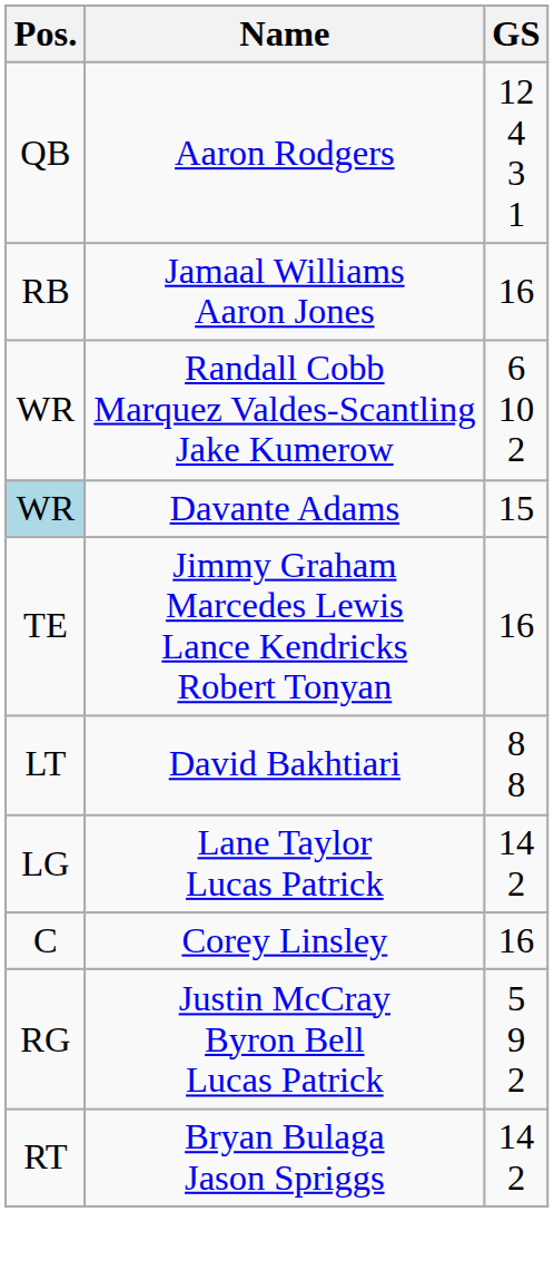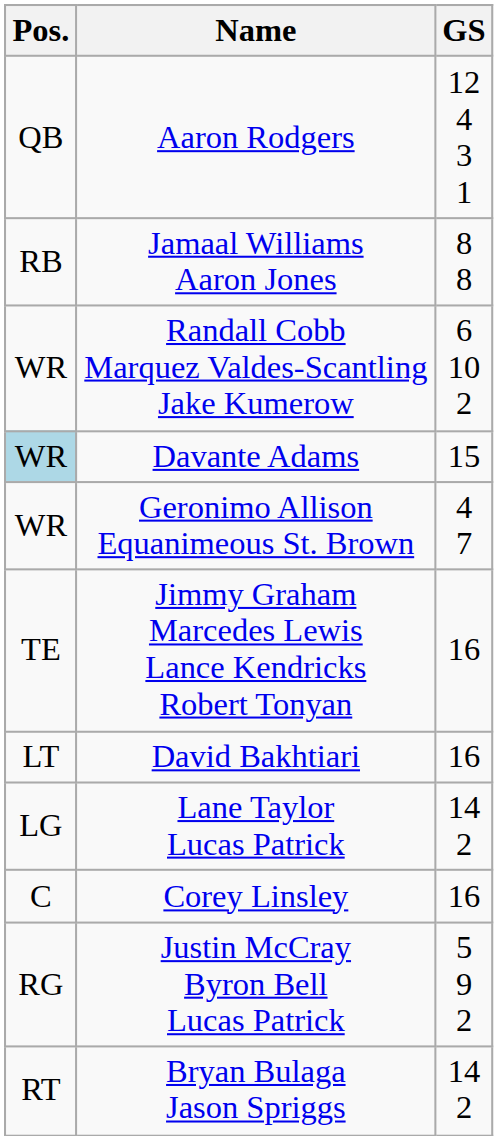 <table class="wikitable" style="text-align:center">
 <tr>
 <th>Pos.</th>
 <th>Name</th>
 <th>GS</th>
 </tr>
 <tr>
 <td>QB</td>
 <td><a href='#'>Aaron Rodgers</a></td>
 <td>12<br>4<br>3<br>1</td>
 </tr>
 <tr>
 <td>RB</td>
 <td><a href='#'>Jamaal Williams</a><br><a href='#'>Aaron Jones</a></td>
-<td>16</td>
+<td>8<br>8</td>
 </tr>
 <tr>
 <td>WR</td>
 <td><a href='#'>Randall Cobb</a><br><a href='#'>Marquez Valdes-Scantling</a><br><a href='#'>Jake Kumerow</a></td>
 <td>6<br>10<br>2</td>
 </tr>
 <tr>
 <td style="background: lightblue;">WR</td>
 <td><a href='#'>Davante Adams</a></td>
 <td>15</td>
 </tr>
 <tr>
+<td>WR</td>
+<td><a href='#'>Geronimo Allison</a><br><a href='#'>Equanimeous St. Brown</a></td>
+<td>4<br>7</td>
+</tr>
+<tr>
 <td>TE</td>
 <td><a href='#'>Jimmy Graham</a><br><a href='#'>Marcedes Lewis</a><br><a href='#'>Lance Kendricks</a><br><a href='#'>Robert Tonyan</a></td>
 <td>16</td>
 </tr>
 <tr>
 <td>LT</td>
 <td><a href='#'>David Bakhtiari</a></td>
-<td>8<br>8</td>
+<td>16</td>
 </tr>
 <tr>
 <td>LG</td>
 <td><a href='#'>Lane Taylor</a><br><a href='#'>Lucas Patrick</a></td>
 <td>14<br>2</td>
 </tr>
 <tr>
 <td>C</td>
 <td><a href='#'>Corey Linsley</a></td>
 <td>16</td>
 </tr>
 <tr>
 <td>RG</td>
 <td><a href='#'>Justin McCray</a><br><a href='#'>Byron Bell</a><br><a href='#'>Lucas Patrick</a></td>
 <td>5<br>9<br>2</td>
 </tr>
 <tr>
 <td>RT</td>
 <td><a href='#'>Bryan Bulaga</a><br><a href='#'>Jason Spriggs</a></td>
 <td>14<br>2</td>
 </tr>
 </table>
